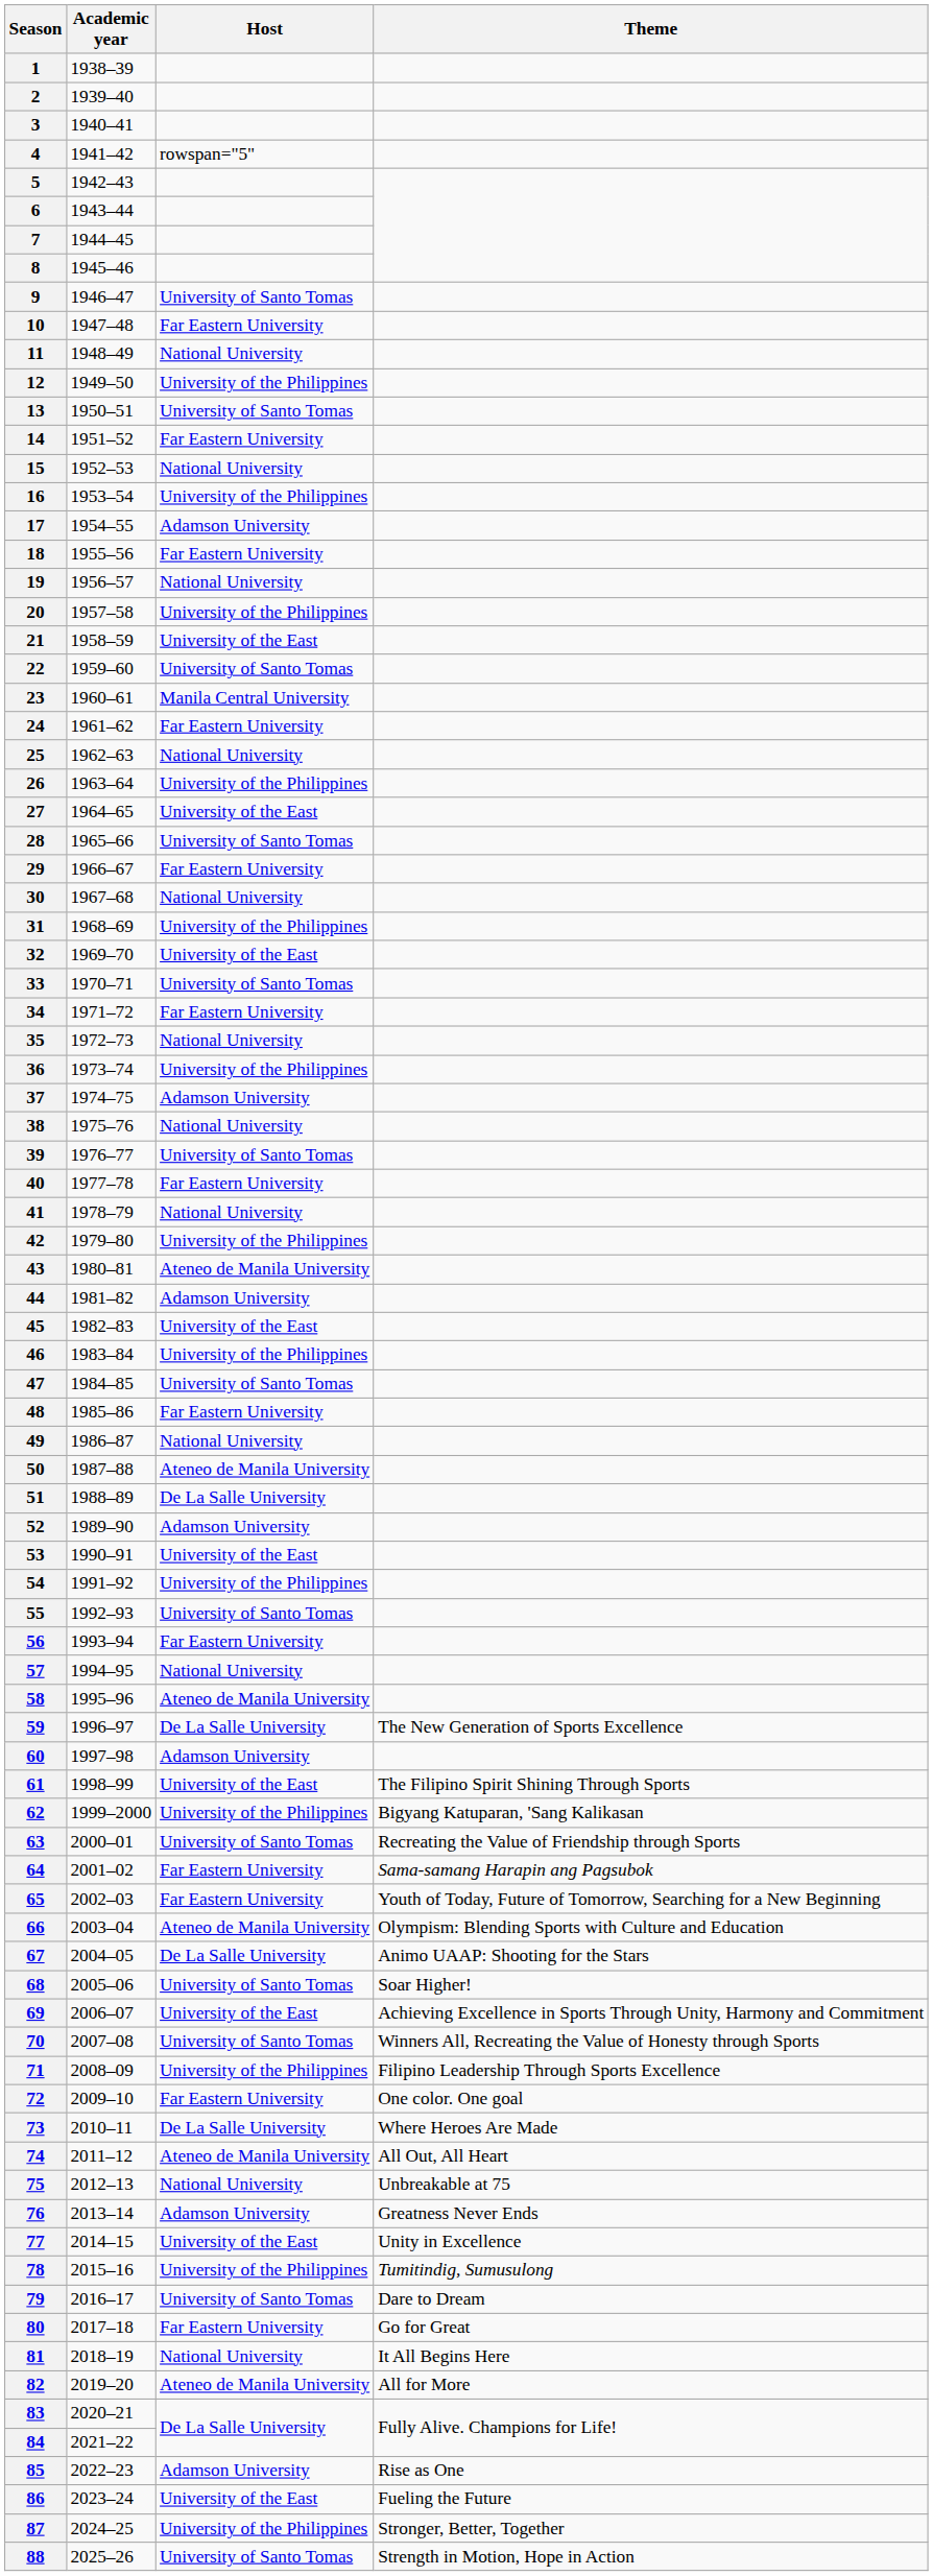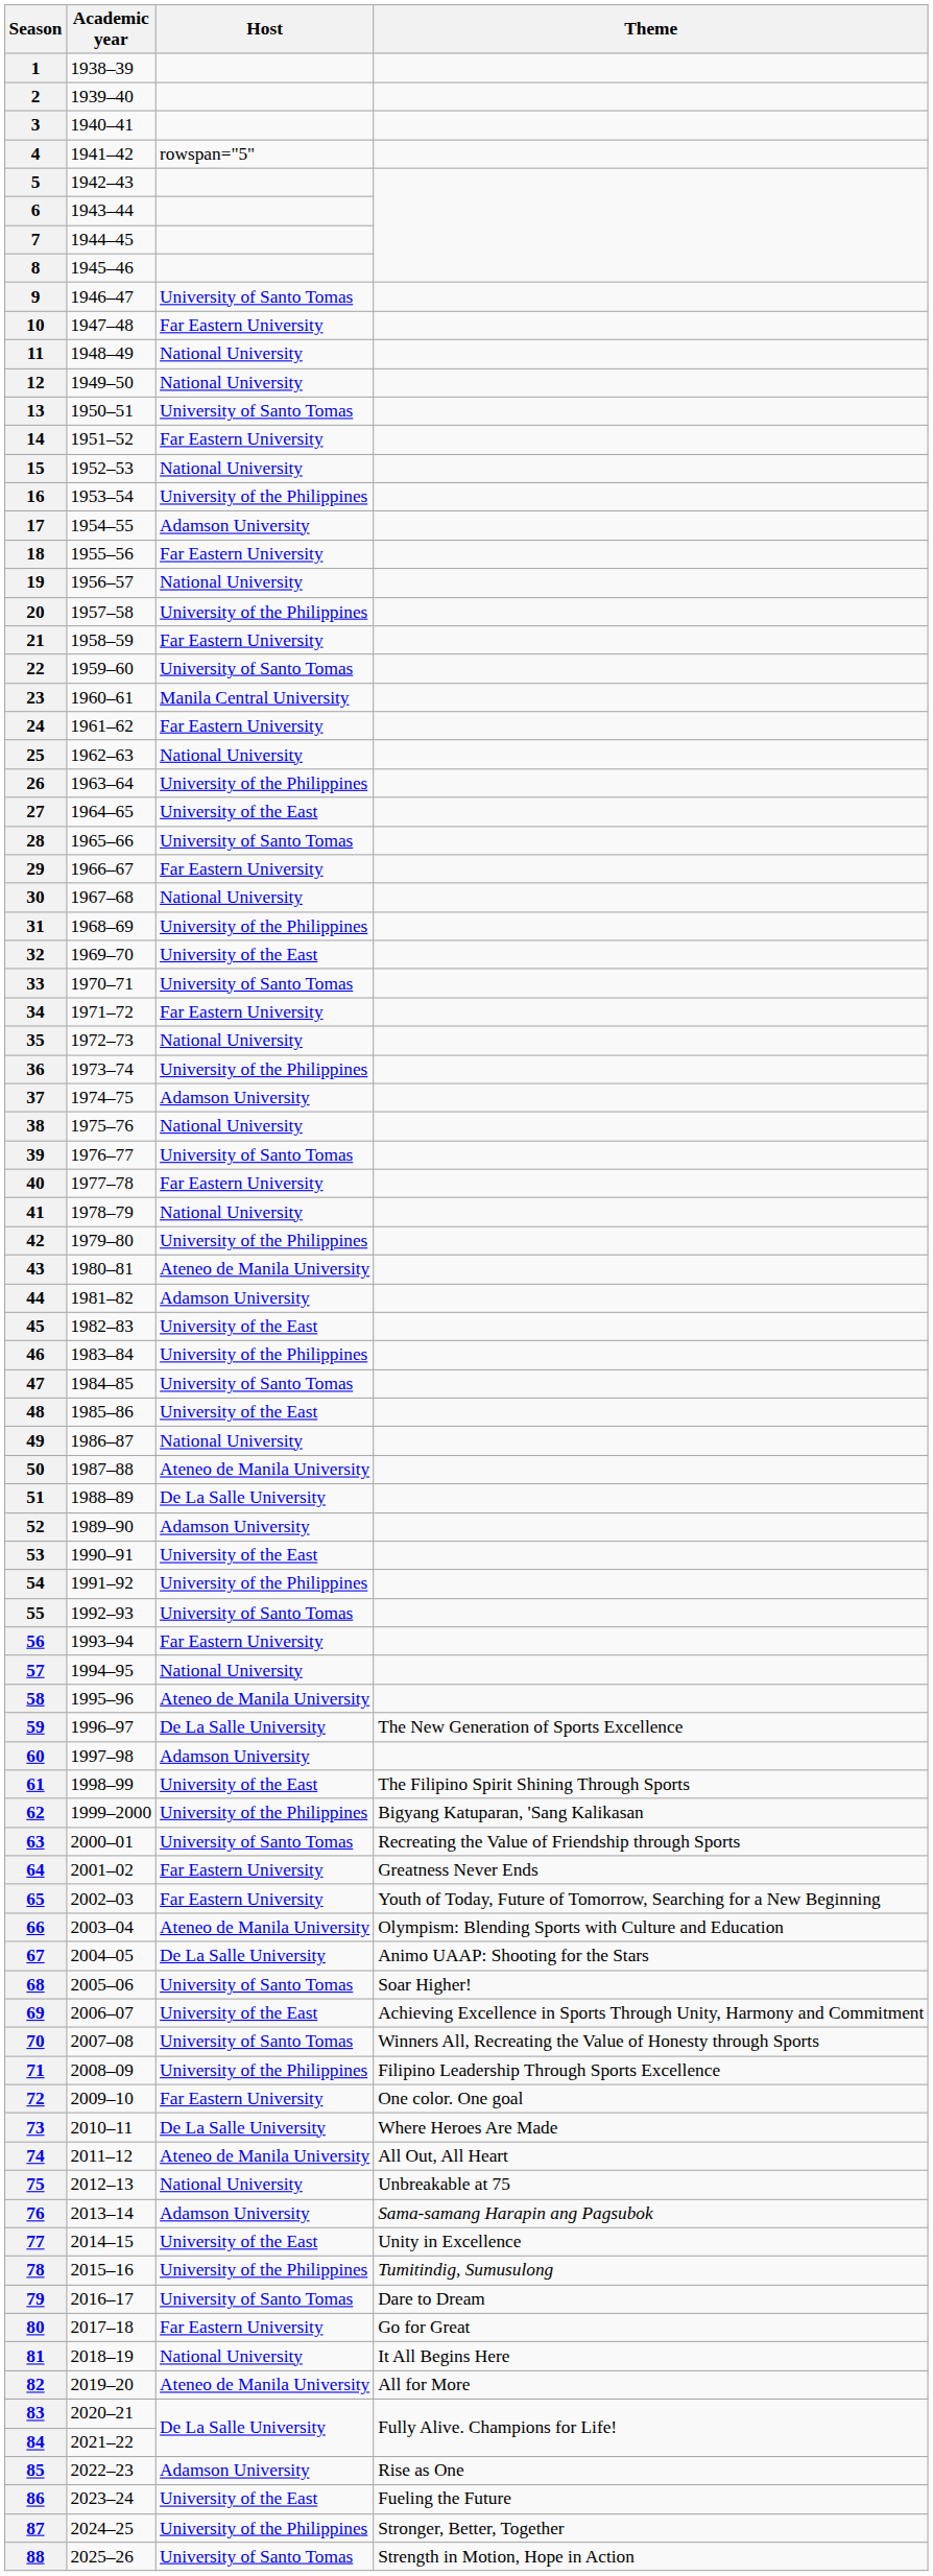 <table class="wikitable">
 <tr>
 <th>Season</th>
 <th>Academic<br>year</th>
 <th>Host</th>
 <th>Theme</th>
 </tr>
 <tr>
 <th>1</th>
 <td>1938–39</td>
 <td></td>
 <td></td>
 </tr>
 <tr>
 <th>2</th>
 <td>1939–40</td>
 <td></td>
 <td></td>
 </tr>
 <tr>
 <th>3</th>
 <td>1940–41</td>
 <td></td>
 <td></td>
 </tr>
 <tr>
 <th>4</th>
 <td>1941–42</td>
 <td>rowspan="5" </td>
 <td></td>
 </tr>
 <tr>
 <th>5</th>
 <td>1942–43</td>
 <td></td>
 </tr>
 <tr>
 <th>6</th>
 <td>1943–44</td>
 <td></td>
 </tr>
 <tr>
 <th>7</th>
 <td>1944–45</td>
 <td></td>
 </tr>
 <tr>
 <th>8</th>
 <td>1945–46</td>
 <td></td>
 </tr>
 <tr>
 <th>9</th>
 <td>1946–47</td>
 <td><a href='#'>University of Santo Tomas</a></td>
 <td></td>
 </tr>
 <tr>
 <th>10</th>
 <td>1947–48</td>
 <td><a href='#'>Far Eastern University</a></td>
 <td></td>
 </tr>
 <tr>
 <th>11</th>
 <td>1948–49</td>
 <td><a href='#'>National University</a></td>
 <td></td>
 </tr>
 <tr>
 <th>12</th>
 <td>1949–50</td>
-<td><a href='#'>University of the Philippines</a></td>
+<td><a href='#'>National University</a></td>
 <td></td>
 </tr>
 <tr>
 <th>13</th>
 <td>1950–51</td>
 <td><a href='#'>University of Santo Tomas</a></td>
 <td></td>
 </tr>
 <tr>
 <th>14</th>
 <td>1951–52</td>
 <td><a href='#'>Far Eastern University</a></td>
 <td></td>
 </tr>
 <tr>
 <th>15</th>
 <td>1952–53</td>
 <td><a href='#'>National University</a></td>
 <td></td>
 </tr>
 <tr>
 <th>16</th>
 <td>1953–54</td>
 <td><a href='#'>University of the Philippines</a></td>
 <td></td>
 </tr>
 <tr>
 <th>17</th>
 <td>1954–55</td>
 <td><a href='#'>Adamson University</a></td>
 <td></td>
 </tr>
 <tr>
 <th>18</th>
 <td>1955–56</td>
 <td><a href='#'>Far Eastern University</a></td>
 <td></td>
 </tr>
 <tr>
 <th>19</th>
 <td>1956–57</td>
 <td><a href='#'>National University</a></td>
 <td></td>
 </tr>
 <tr>
 <th>20</th>
 <td>1957–58</td>
 <td><a href='#'>University of the Philippines</a></td>
 <td></td>
 </tr>
 <tr>
 <th>21</th>
 <td>1958–59</td>
-<td><a href='#'>University of the East</a></td>
+<td><a href='#'>Far Eastern University</a></td>
 <td></td>
 </tr>
 <tr>
 <th>22</th>
 <td>1959–60</td>
 <td><a href='#'>University of Santo Tomas</a></td>
 <td></td>
 </tr>
 <tr>
 <th>23</th>
 <td>1960–61</td>
 <td><a href='#'>Manila Central University</a></td>
 <td></td>
 </tr>
 <tr>
 <th>24</th>
 <td>1961–62</td>
 <td><a href='#'>Far Eastern University</a></td>
 <td></td>
 </tr>
 <tr>
 <th>25</th>
 <td>1962–63</td>
 <td><a href='#'>National University</a></td>
 <td></td>
 </tr>
 <tr>
 <th>26</th>
 <td>1963–64</td>
 <td><a href='#'>University of the Philippines</a></td>
 <td></td>
 </tr>
 <tr>
 <th>27</th>
 <td>1964–65</td>
 <td><a href='#'>University of the East</a></td>
 <td></td>
 </tr>
 <tr>
 <th>28</th>
 <td>1965–66</td>
 <td><a href='#'>University of Santo Tomas</a></td>
 <td></td>
 </tr>
 <tr>
 <th>29</th>
 <td>1966–67</td>
 <td><a href='#'>Far Eastern University</a></td>
 <td></td>
 </tr>
 <tr>
 <th>30</th>
 <td>1967–68</td>
 <td><a href='#'>National University</a></td>
 <td></td>
 </tr>
 <tr>
 <th>31</th>
 <td>1968–69</td>
 <td><a href='#'>University of the Philippines</a></td>
 <td></td>
 </tr>
 <tr>
 <th>32</th>
 <td>1969–70</td>
 <td><a href='#'>University of the East</a></td>
 <td></td>
 </tr>
 <tr>
 <th>33</th>
 <td>1970–71</td>
 <td><a href='#'>University of Santo Tomas</a></td>
 <td></td>
 </tr>
 <tr>
 <th>34</th>
 <td>1971–72</td>
 <td><a href='#'>Far Eastern University</a></td>
 <td></td>
 </tr>
 <tr>
 <th>35</th>
 <td>1972–73</td>
 <td><a href='#'>National University</a></td>
 <td></td>
 </tr>
 <tr>
 <th>36</th>
 <td>1973–74</td>
 <td><a href='#'>University of the Philippines</a></td>
 <td></td>
 </tr>
 <tr>
 <th>37</th>
 <td>1974–75</td>
 <td><a href='#'>Adamson University</a></td>
 <td></td>
 </tr>
 <tr>
 <th>38</th>
 <td>1975–76</td>
 <td><a href='#'>National University</a></td>
 <td></td>
 </tr>
 <tr>
 <th>39</th>
 <td>1976–77</td>
 <td><a href='#'>University of Santo Tomas</a></td>
 <td></td>
 </tr>
 <tr>
 <th>40</th>
 <td>1977–78</td>
 <td><a href='#'>Far Eastern University</a></td>
 <td></td>
 </tr>
 <tr>
 <th>41</th>
 <td>1978–79</td>
 <td><a href='#'>National University</a></td>
 <td></td>
 </tr>
 <tr>
 <th>42</th>
 <td>1979–80</td>
 <td><a href='#'>University of the Philippines</a></td>
 <td></td>
 </tr>
 <tr>
 <th>43</th>
 <td>1980–81</td>
 <td><a href='#'>Ateneo de Manila University</a></td>
 <td></td>
 </tr>
 <tr>
 <th>44</th>
 <td>1981–82</td>
 <td><a href='#'>Adamson University</a></td>
 <td></td>
 </tr>
 <tr>
 <th>45</th>
 <td>1982–83</td>
 <td><a href='#'>University of the East</a></td>
 <td></td>
 </tr>
 <tr>
 <th>46</th>
 <td>1983–84</td>
 <td><a href='#'>University of the Philippines</a></td>
 <td></td>
 </tr>
 <tr>
 <th>47</th>
 <td>1984–85</td>
 <td><a href='#'>University of Santo Tomas</a></td>
 <td></td>
 </tr>
 <tr>
 <th>48</th>
 <td>1985–86</td>
-<td><a href='#'>Far Eastern University</a></td>
+<td><a href='#'>University of the East</a></td>
 <td></td>
 </tr>
 <tr>
 <th>49</th>
 <td>1986–87</td>
 <td><a href='#'>National University</a></td>
 <td></td>
 </tr>
 <tr>
 <th>50</th>
 <td>1987–88</td>
 <td><a href='#'>Ateneo de Manila University</a></td>
 <td></td>
 </tr>
 <tr>
 <th>51</th>
 <td>1988–89</td>
 <td><a href='#'>De La Salle University</a></td>
 <td></td>
 </tr>
 <tr>
 <th>52</th>
 <td>1989–90</td>
 <td><a href='#'>Adamson University</a></td>
 <td></td>
 </tr>
 <tr>
 <th>53</th>
 <td>1990–91</td>
 <td><a href='#'>University of the East</a></td>
 <td></td>
 </tr>
 <tr>
 <th>54</th>
 <td>1991–92</td>
 <td><a href='#'>University of the Philippines</a></td>
 <td></td>
 </tr>
 <tr>
 <th>55</th>
 <td>1992–93</td>
 <td><a href='#'>University of Santo Tomas</a></td>
 <td></td>
 </tr>
 <tr>
 <th><a href='#'>56</a></th>
 <td>1993–94</td>
 <td><a href='#'>Far Eastern University</a></td>
 <td></td>
 </tr>
 <tr>
 <th><a href='#'>57</a></th>
 <td>1994–95</td>
 <td><a href='#'>National University</a></td>
 <td></td>
 </tr>
 <tr>
 <th><a href='#'>58</a></th>
 <td>1995–96</td>
 <td><a href='#'>Ateneo de Manila University</a></td>
 <td></td>
 </tr>
 <tr>
 <th><a href='#'>59</a></th>
 <td>1996–97</td>
 <td><a href='#'>De La Salle University</a></td>
 <td>The New Generation of Sports Excellence</td>
 </tr>
 <tr>
 <th><a href='#'>60</a></th>
 <td>1997–98</td>
 <td><a href='#'>Adamson University</a></td>
 <td></td>
 </tr>
 <tr>
 <th><a href='#'>61</a></th>
 <td>1998–99</td>
 <td><a href='#'>University of the East</a></td>
 <td>The Filipino Spirit Shining Through Sports</td>
 </tr>
 <tr>
 <th><a href='#'>62</a></th>
 <td>1999–2000</td>
 <td><a href='#'>University of the Philippines</a></td>
 <td>Bigyang Katuparan, 'Sang Kalikasan</td>
 </tr>
 <tr>
 <th><a href='#'>63</a></th>
 <td>2000–01</td>
 <td><a href='#'>University of Santo Tomas</a></td>
 <td>Recreating the Value of Friendship through Sports</td>
 </tr>
 <tr>
 <th><a href='#'>64</a></th>
 <td>2001–02</td>
 <td><a href='#'>Far Eastern University</a></td>
-<td><em>Sama-samang Harapin ang Pagsubok</em></td>
+<td>Greatness Never Ends</td>
 </tr>
 <tr>
 <th><a href='#'>65</a></th>
 <td>2002–03</td>
 <td><a href='#'>Far Eastern University</a></td>
 <td>Youth of Today, Future of Tomorrow, Searching for a New Beginning</td>
 </tr>
 <tr>
 <th><a href='#'>66</a></th>
 <td>2003–04</td>
 <td><a href='#'>Ateneo de Manila University</a></td>
 <td>Olympism: Blending Sports with Culture and Education</td>
 </tr>
 <tr>
 <th><a href='#'>67</a></th>
 <td>2004–05</td>
 <td><a href='#'>De La Salle University</a></td>
 <td>Animo UAAP: Shooting for the Stars</td>
 </tr>
 <tr>
 <th><a href='#'>68</a></th>
 <td>2005–06</td>
 <td><a href='#'>University of Santo Tomas</a></td>
 <td>Soar Higher!</td>
 </tr>
 <tr>
 <th><a href='#'>69</a></th>
 <td>2006–07</td>
 <td><a href='#'>University of the East</a></td>
 <td>Achieving Excellence in Sports Through Unity, Harmony and Commitment</td>
 </tr>
 <tr>
 <th><a href='#'>70</a></th>
 <td>2007–08</td>
 <td><a href='#'>University of Santo Tomas</a></td>
 <td>Winners All, Recreating the Value of Honesty through Sports</td>
 </tr>
 <tr>
 <th><a href='#'>71</a></th>
 <td>2008–09</td>
 <td><a href='#'>University of the Philippines</a></td>
 <td>Filipino Leadership Through Sports Excellence</td>
 </tr>
 <tr>
 <th><a href='#'>72</a></th>
 <td>2009–10</td>
 <td><a href='#'>Far Eastern University</a></td>
 <td>One color. One goal</td>
 </tr>
 <tr>
 <th><a href='#'>73</a></th>
 <td>2010–11</td>
 <td><a href='#'>De La Salle University</a></td>
 <td>Where Heroes Are Made</td>
 </tr>
 <tr>
 <th><a href='#'>74</a></th>
 <td>2011–12</td>
 <td><a href='#'>Ateneo de Manila University</a></td>
 <td>All Out, All Heart</td>
 </tr>
 <tr>
 <th><a href='#'>75</a></th>
 <td>2012–13</td>
 <td><a href='#'>National University</a></td>
 <td>Unbreakable at 75</td>
 </tr>
 <tr>
 <th><a href='#'>76</a></th>
 <td>2013–14</td>
 <td><a href='#'>Adamson University</a></td>
-<td>Greatness Never Ends</td>
+<td><em>Sama-samang Harapin ang Pagsubok</em></td>
 </tr>
 <tr>
 <th><a href='#'>77</a></th>
 <td>2014–15</td>
 <td><a href='#'>University of the East</a></td>
 <td>Unity in Excellence</td>
 </tr>
 <tr>
 <th><a href='#'>78</a></th>
 <td>2015–16</td>
 <td><a href='#'>University of the Philippines</a></td>
 <td><em>Tumitindig, Sumusulong</em></td>
 </tr>
 <tr>
 <th><a href='#'>79</a></th>
 <td>2016–17</td>
 <td><a href='#'>University of Santo Tomas</a></td>
 <td>Dare to Dream</td>
 </tr>
 <tr>
 <th><a href='#'>80</a></th>
 <td>2017–18</td>
 <td><a href='#'>Far Eastern University</a></td>
 <td>Go for Great</td>
 </tr>
 <tr>
 <th><a href='#'>81</a></th>
 <td>2018–19</td>
 <td><a href='#'>National University</a></td>
 <td>It All Begins Here</td>
 </tr>
 <tr>
 <th><a href='#'>82</a></th>
 <td>2019–20</td>
 <td><a href='#'>Ateneo de Manila University</a></td>
 <td>All for More</td>
 </tr>
 <tr>
 <th><a href='#'>83</a></th>
 <td>2020–21</td>
 <td rowspan="2"><a href='#'>De La Salle University</a></td>
 <td rowspan="2">Fully Alive. Champions for Life!</td>
 </tr>
 <tr>
 <th><a href='#'>84</a></th>
 <td>2021–22</td>
 </tr>
 <tr>
 <th><a href='#'>85</a></th>
 <td>2022–23</td>
 <td><a href='#'>Adamson University</a></td>
 <td>Rise as One</td>
 </tr>
 <tr>
 <th><a href='#'>86</a></th>
 <td>2023–24</td>
 <td><a href='#'>University of the East</a></td>
 <td>Fueling the Future</td>
 </tr>
 <tr>
 <th><a href='#'>87</a></th>
 <td>2024–25</td>
 <td><a href='#'>University of the Philippines</a></td>
 <td>Stronger, Better, Together</td>
 </tr>
 <tr>
 <th><a href='#'>88</a></th>
 <td>2025–26</td>
 <td><a href='#'>University of Santo Tomas</a></td>
 <td>Strength in Motion, Hope in Action</td>
 </tr>
 </table>
